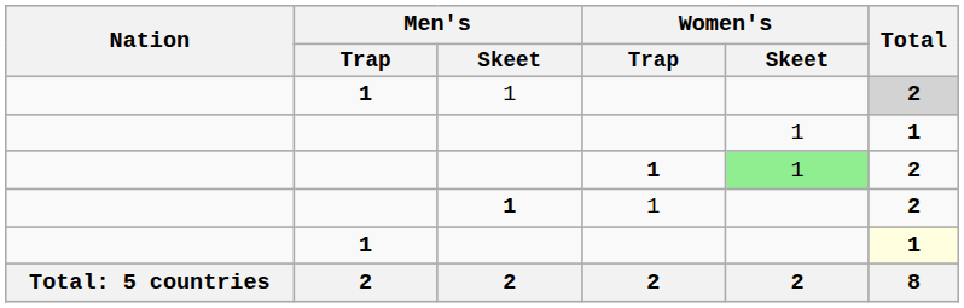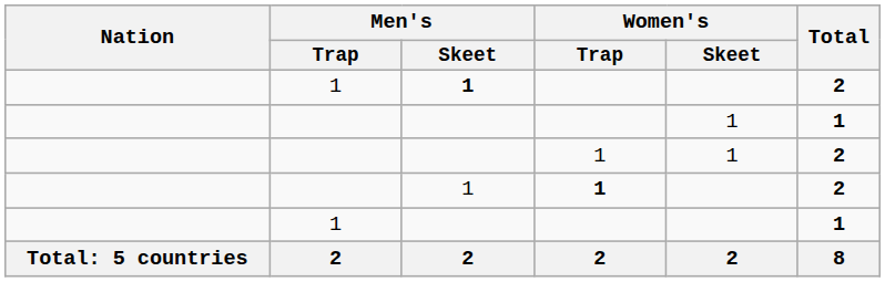 <table class="wikitable" width=500 style="text-align:center; font-size:90%">
 <tr>
 <th rowspan="2" align="left">Nation</th>
 <th colspan="2">Men's</th>
 <th colspan="2">Women's</th>
 <th rowspan="2">Total</th>
 </tr>
 <tr style="font-size:95%">
 <th width=70>Trap</th>
 <th width=70>Skeet</th>
 <th width=70>Trap</th>
 <th width=70>Skeet</th>
 </tr>
 <tr>
 <td align=left></td>
+<td>1</td>
 <td><strong>1</strong></td>
-<td>1</td>
 <td></td>
 <td></td>
-<td style="background: lightgrey;"><strong>2</strong></td>
+<td><strong>2</strong></td>
 </tr>
 <tr>
 <td align=left></td>
 <td></td>
 <td></td>
 <td></td>
 <td>1</td>
 <td><strong>1</strong></td>
 </tr>
 <tr>
 <td align=left></td>
 <td></td>
 <td></td>
-<td><strong>1</strong></td>
-<td style="background: lightgreen;">1</td>
+<td>1</td>
+<td>1</td>
 <td><strong>2</strong></td>
 </tr>
 <tr>
 <td align=left></td>
 <td></td>
+<td>1</td>
 <td><strong>1</strong></td>
-<td>1</td>
 <td></td>
 <td><strong>2</strong></td>
 </tr>
 <tr>
 <td align=left></td>
-<td><strong>1</strong></td>
+<td>1</td>
 <td></td>
 <td></td>
 <td></td>
-<td style="background: lightyellow;"><strong>1</strong></td>
+<td><strong>1</strong></td>
 </tr>
 <tr>
 <th>Total: 5 countries</th>
 <th>2</th>
 <th>2</th>
 <th>2</th>
 <th>2</th>
 <th>8</th>
 </tr>
 </table>
